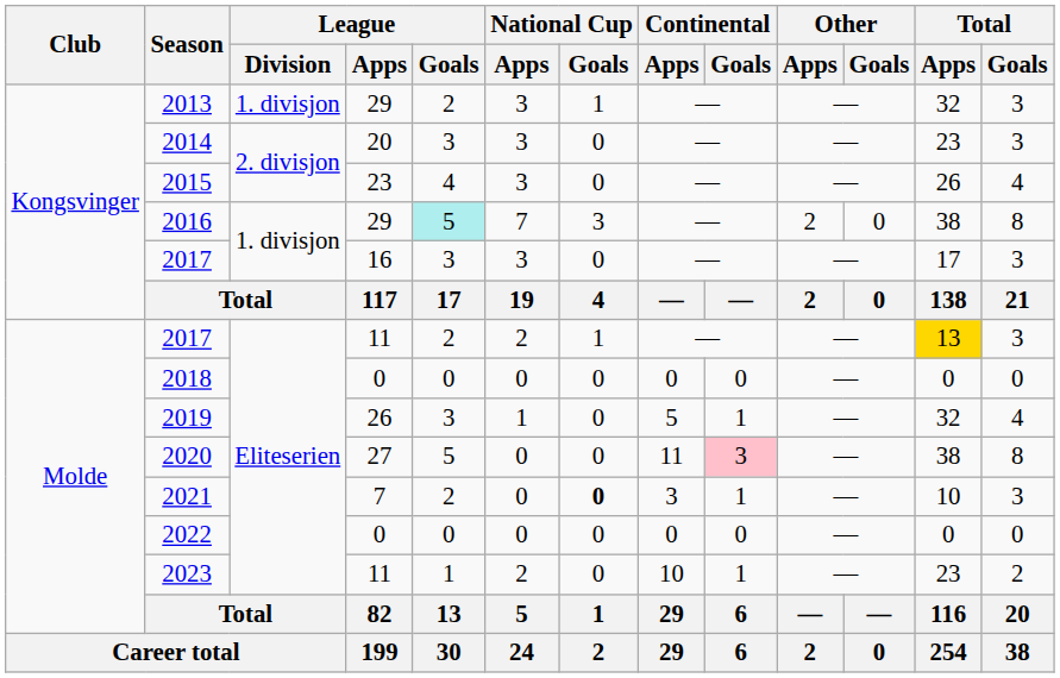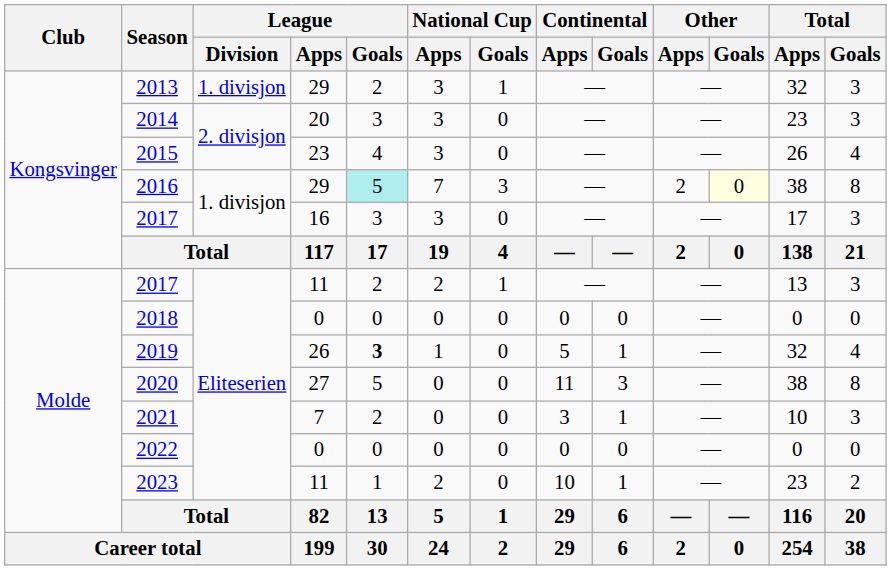 <table class="wikitable" style="text-align:center">
 <tr>
 <th rowspan="2">Club</th>
 <th rowspan="2">Season</th>
 <th colspan="3">League</th>
 <th colspan="2">National Cup</th>
 <th colspan="2">Continental</th>
 <th colspan="2">Other</th>
 <th colspan="2">Total</th>
 </tr>
 <tr>
 <th>Division</th>
 <th>Apps</th>
 <th>Goals</th>
 <th>Apps</th>
 <th>Goals</th>
 <th>Apps</th>
 <th>Goals</th>
 <th>Apps</th>
 <th>Goals</th>
 <th>Apps</th>
 <th>Goals</th>
 </tr>
 <tr>
 <td rowspan="6"><a href='#'>Kongsvinger</a></td>
 <td><a href='#'>2013</a></td>
 <td><a href='#'>1. divisjon</a></td>
 <td>29</td>
 <td>2</td>
 <td>3</td>
 <td>1</td>
 <td colspan="2">—</td>
 <td colspan="2">—</td>
 <td>32</td>
 <td>3</td>
 </tr>
 <tr>
 <td><a href='#'>2014</a></td>
 <td rowspan="2"><a href='#'>2. divisjon</a></td>
 <td>20</td>
 <td>3</td>
 <td>3</td>
 <td>0</td>
 <td colspan="2">—</td>
 <td colspan="2">—</td>
 <td>23</td>
 <td>3</td>
 </tr>
 <tr>
 <td><a href='#'>2015</a></td>
 <td>23</td>
 <td>4</td>
 <td>3</td>
 <td>0</td>
 <td colspan="2">—</td>
 <td colspan="2">—</td>
 <td>26</td>
 <td>4</td>
 </tr>
 <tr>
 <td><a href='#'>2016</a></td>
 <td rowspan="2">1. divisjon</td>
 <td>29</td>
 <td style="background: paleturquoise;">5</td>
 <td>7</td>
 <td>3</td>
 <td colspan="2">—</td>
 <td>2</td>
-<td>0</td>
+<td style="background: lightyellow;">0</td>
 <td>38</td>
 <td>8</td>
 </tr>
 <tr>
 <td><a href='#'>2017</a></td>
 <td>16</td>
 <td>3</td>
 <td>3</td>
 <td>0</td>
 <td colspan="2">—</td>
 <td colspan="2">—</td>
 <td>17</td>
 <td>3</td>
 </tr>
 <tr>
 <th colspan="2">Total</th>
 <th>117</th>
 <th>17</th>
 <th>19</th>
 <th>4</th>
 <th>—</th>
 <th>—</th>
 <th>2</th>
 <th>0</th>
 <th>138</th>
 <th>21</th>
 </tr>
 <tr>
 <td rowspan="8"><a href='#'>Molde</a></td>
 <td><a href='#'>2017</a></td>
 <td rowspan="7"><a href='#'>Eliteserien</a></td>
 <td>11</td>
 <td>2</td>
 <td>2</td>
 <td>1</td>
 <td colspan="2">—</td>
 <td colspan="2">—</td>
-<td style="background: gold;">13</td>
+<td>13</td>
 <td>3</td>
 </tr>
 <tr>
 <td><a href='#'>2018</a></td>
 <td>0</td>
 <td>0</td>
 <td>0</td>
 <td>0</td>
 <td>0</td>
 <td>0</td>
 <td colspan="2">—</td>
 <td>0</td>
 <td>0</td>
 </tr>
 <tr>
 <td><a href='#'>2019</a></td>
 <td>26</td>
-<td>3</td>
+<td><strong>3</strong></td>
 <td>1</td>
 <td>0</td>
 <td>5</td>
 <td>1</td>
 <td colspan="2">—</td>
 <td>32</td>
 <td>4</td>
 </tr>
 <tr>
 <td><a href='#'>2020</a></td>
 <td>27</td>
 <td>5</td>
 <td>0</td>
 <td>0</td>
 <td>11</td>
-<td style="background: pink;">3</td>
+<td>3</td>
 <td colspan="2">—</td>
 <td>38</td>
 <td>8</td>
 </tr>
 <tr>
 <td><a href='#'>2021</a></td>
 <td>7</td>
 <td>2</td>
 <td>0</td>
-<td><strong>0</strong></td>
+<td>0</td>
 <td>3</td>
 <td>1</td>
 <td colspan="2">—</td>
 <td>10</td>
 <td>3</td>
 </tr>
 <tr>
 <td><a href='#'>2022</a></td>
 <td>0</td>
 <td>0</td>
 <td>0</td>
 <td>0</td>
 <td>0</td>
 <td>0</td>
 <td colspan="2">—</td>
 <td>0</td>
 <td>0</td>
 </tr>
 <tr>
 <td><a href='#'>2023</a></td>
 <td>11</td>
 <td>1</td>
 <td>2</td>
 <td>0</td>
 <td>10</td>
 <td>1</td>
 <td colspan="2">—</td>
 <td>23</td>
 <td>2</td>
 </tr>
 <tr>
 <th colspan="2">Total</th>
 <th>82</th>
 <th>13</th>
 <th>5</th>
 <th>1</th>
 <th>29</th>
 <th>6</th>
 <th>—</th>
 <th>—</th>
 <th>116</th>
 <th>20</th>
 </tr>
 <tr>
 <th colspan="3">Career total</th>
 <th>199</th>
 <th>30</th>
 <th>24</th>
 <th>2</th>
 <th>29</th>
 <th>6</th>
 <th>2</th>
 <th>0</th>
 <th>254</th>
 <th>38</th>
 </tr>
 </table>
